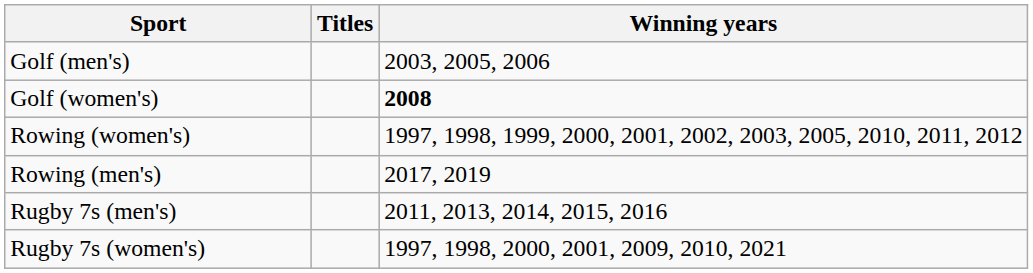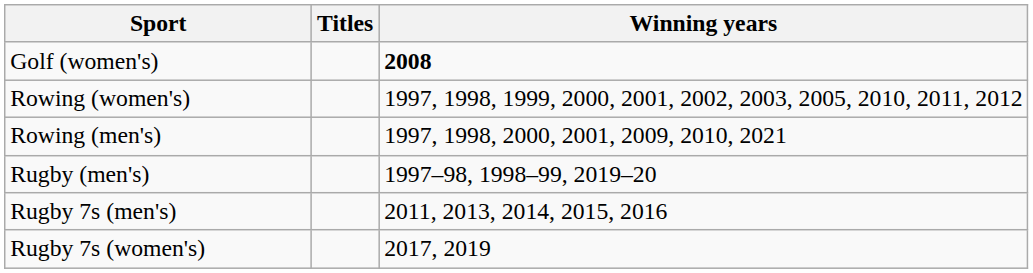 <table class="wikitable"; style= "text-align: ">
 <tr>
 <th width=200px>Sport</th>
 <th width=px>Titles</th>
 <th width=px>Winning years</th>
-</tr>
-<tr>
-<td>Golf (men's)</td>
-<td></td>
-<td>2003, 2005, 2006</td>
 </tr>
 <tr>
 <td>Golf (women's)</td>
 <td></td>
 <td><strong>2008</strong></td>
 </tr>
 <tr>
 <td>Rowing (women's)</td>
 <td></td>
 <td>1997, 1998, 1999, 2000, 2001, 2002, 2003, 2005, 2010, 2011, 2012</td>
 </tr>
 <tr>
 <td>Rowing (men's)</td>
 <td></td>
-<td>2017, 2019</td>
+<td>1997, 1998, 2000, 2001, 2009, 2010, 2021</td>
+</tr>
+<tr>
+<td>Rugby  (men's)</td>
+<td></td>
+<td>1997–98, 1998–99, 2019–20</td>
 </tr>
 <tr>
 <td>Rugby 7s (men's)</td>
 <td></td>
 <td>2011, 2013, 2014, 2015, 2016</td>
 </tr>
 <tr>
 <td>Rugby 7s (women's)</td>
 <td></td>
-<td>1997, 1998, 2000, 2001, 2009, 2010, 2021</td>
+<td>2017, 2019</td>
 </tr>
 </table>
